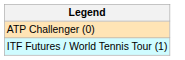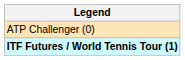 <table class=wikitable style=font-size:97%>
 <tr>
 <th>Legend</th>
 </tr>
 <tr bgcolor=moccasin>
 <td>ATP Challenger (0)</td>
 </tr>
 <tr bgcolor=cffcff>
-<td>ITF Futures / World Tennis Tour (1)</td>
+<td><strong>ITF Futures / World Tennis Tour (1)</strong></td>
 </tr>
 </table>
